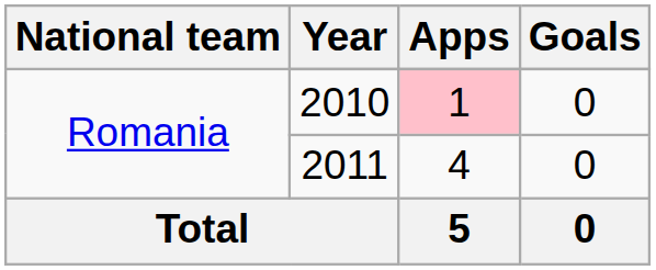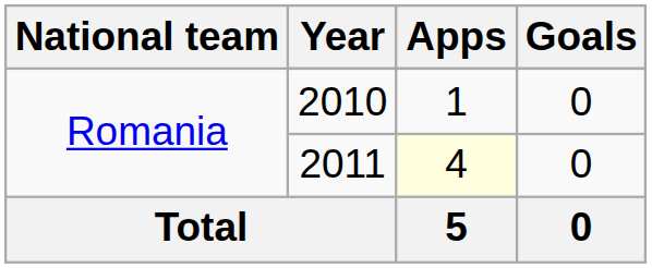 <table class="wikitable" style="text-align: center;">
 <tr>
 <th>National team</th>
 <th>Year</th>
 <th>Apps</th>
 <th>Goals</th>
 </tr>
 <tr>
 <td rowspan="3"><a href='#'>Romania</a></td>
 </tr>
 <tr>
 <td>2010</td>
-<td style="background: pink;">1</td>
+<td>1</td>
 <td>0</td>
 </tr>
 <tr>
 <td>2011</td>
-<td>4</td>
+<td style="background: lightyellow;">4</td>
 <td>0</td>
 </tr>
 <tr>
 <th colspan=2>Total</th>
 <th>5</th>
 <th>0</th>
 </tr>
 </table>
